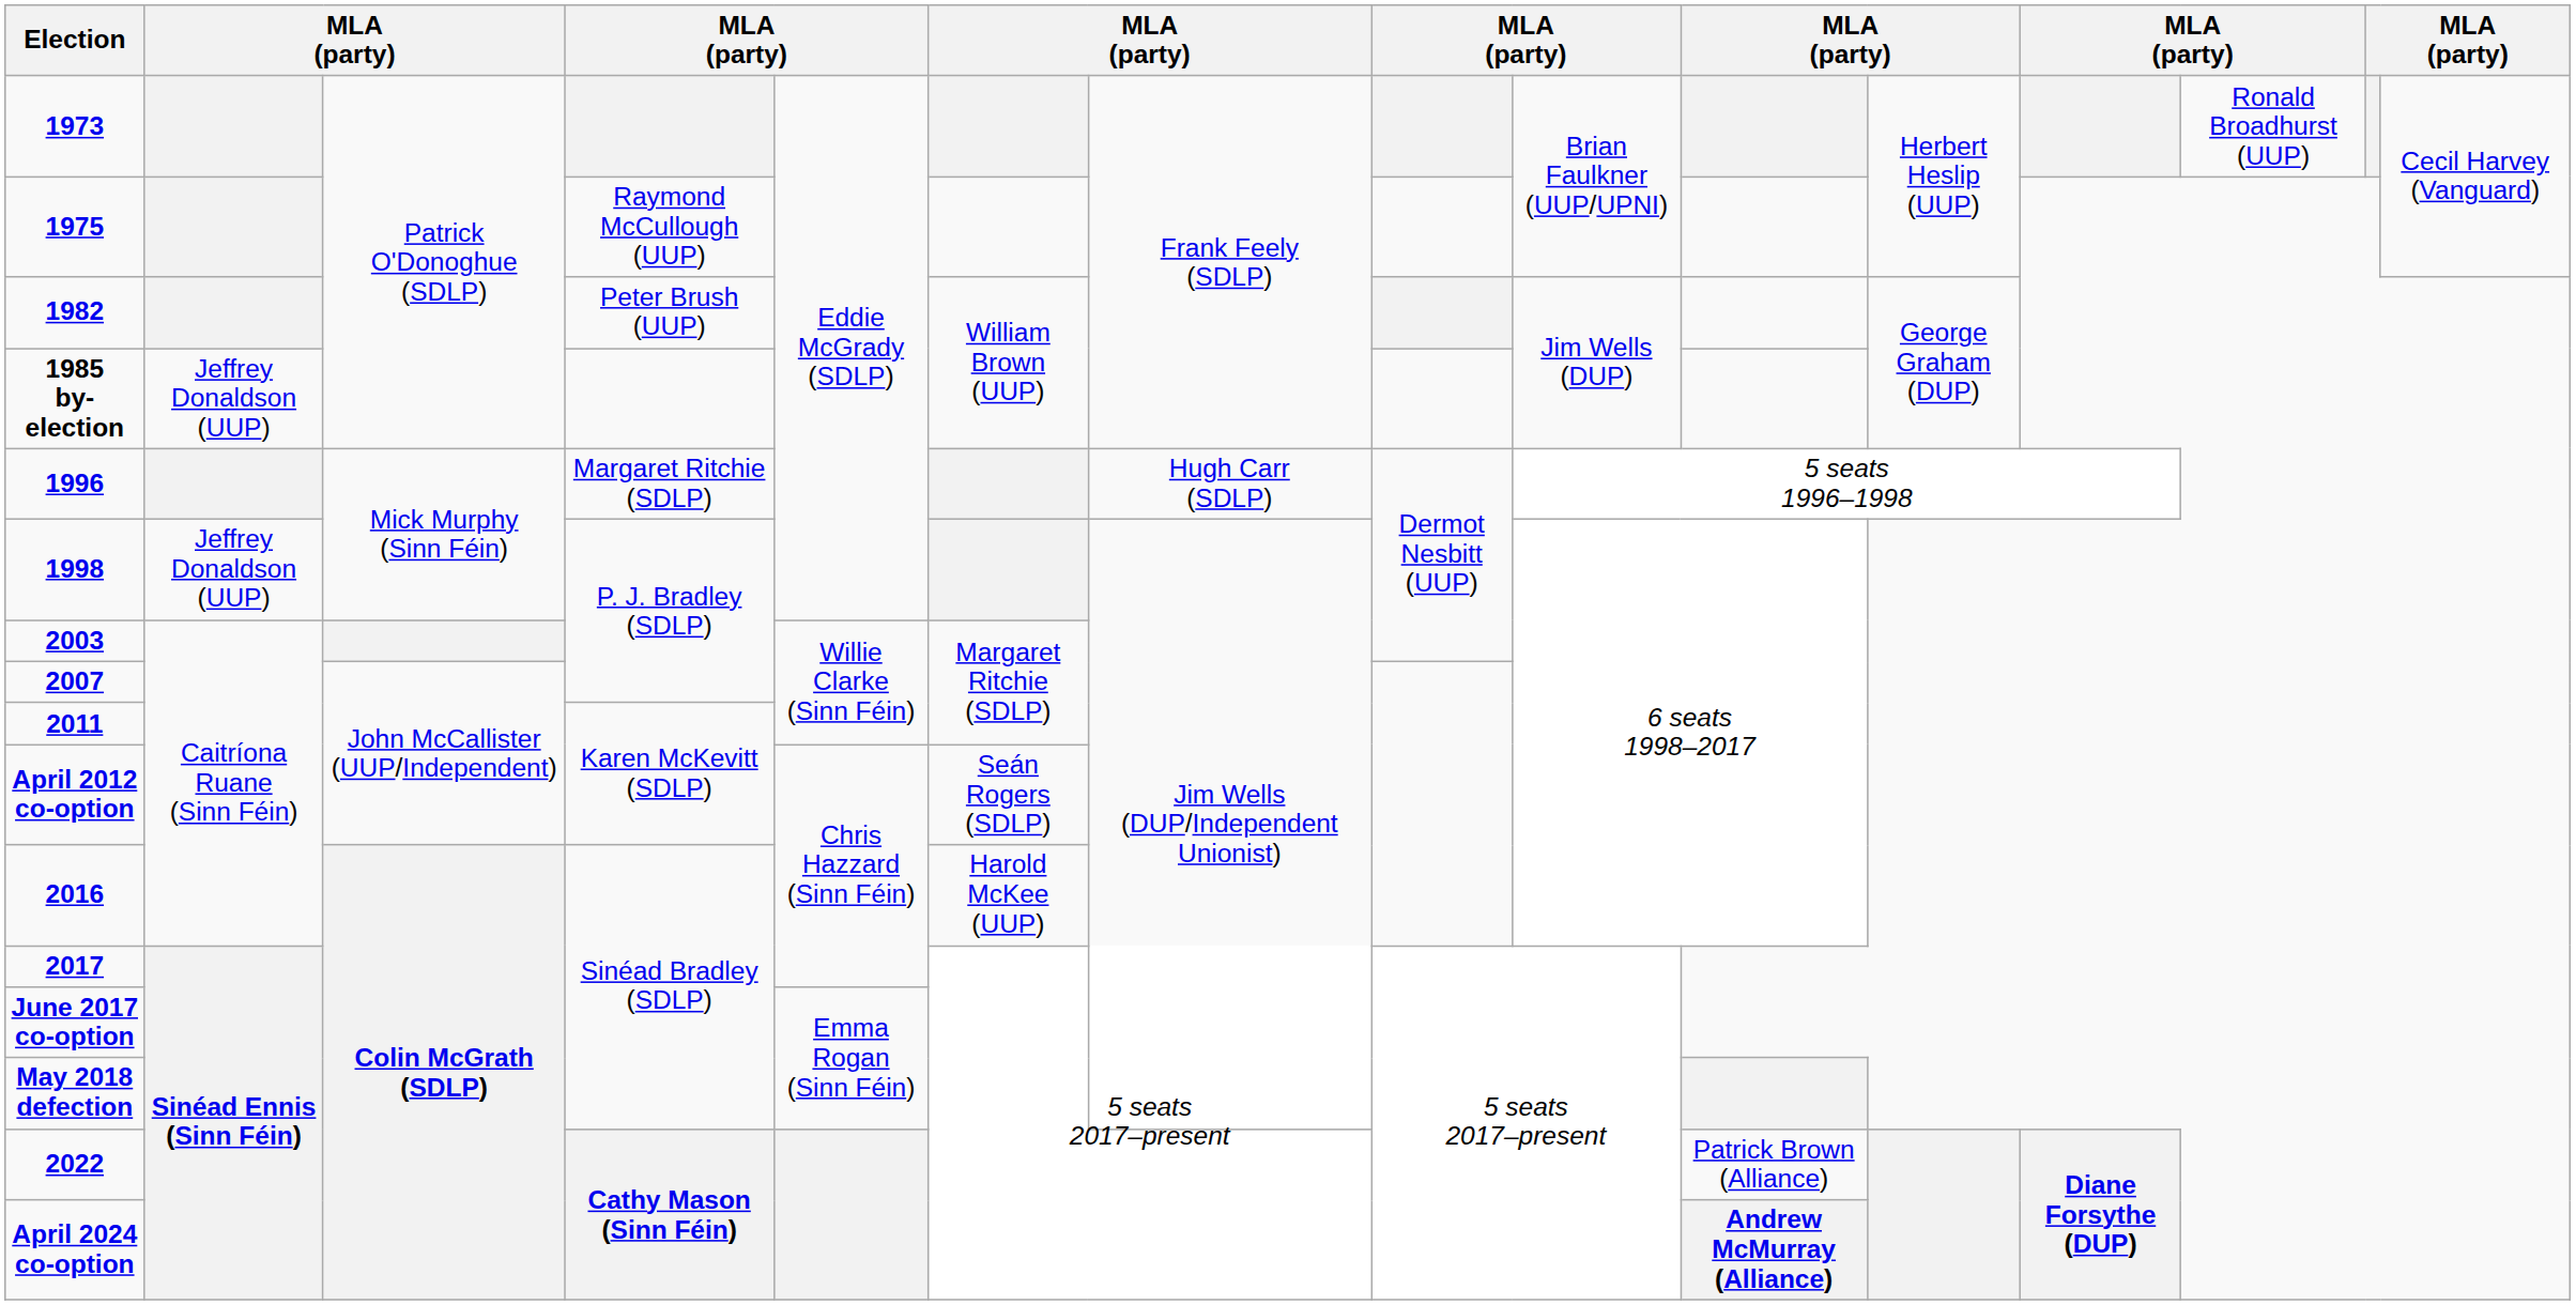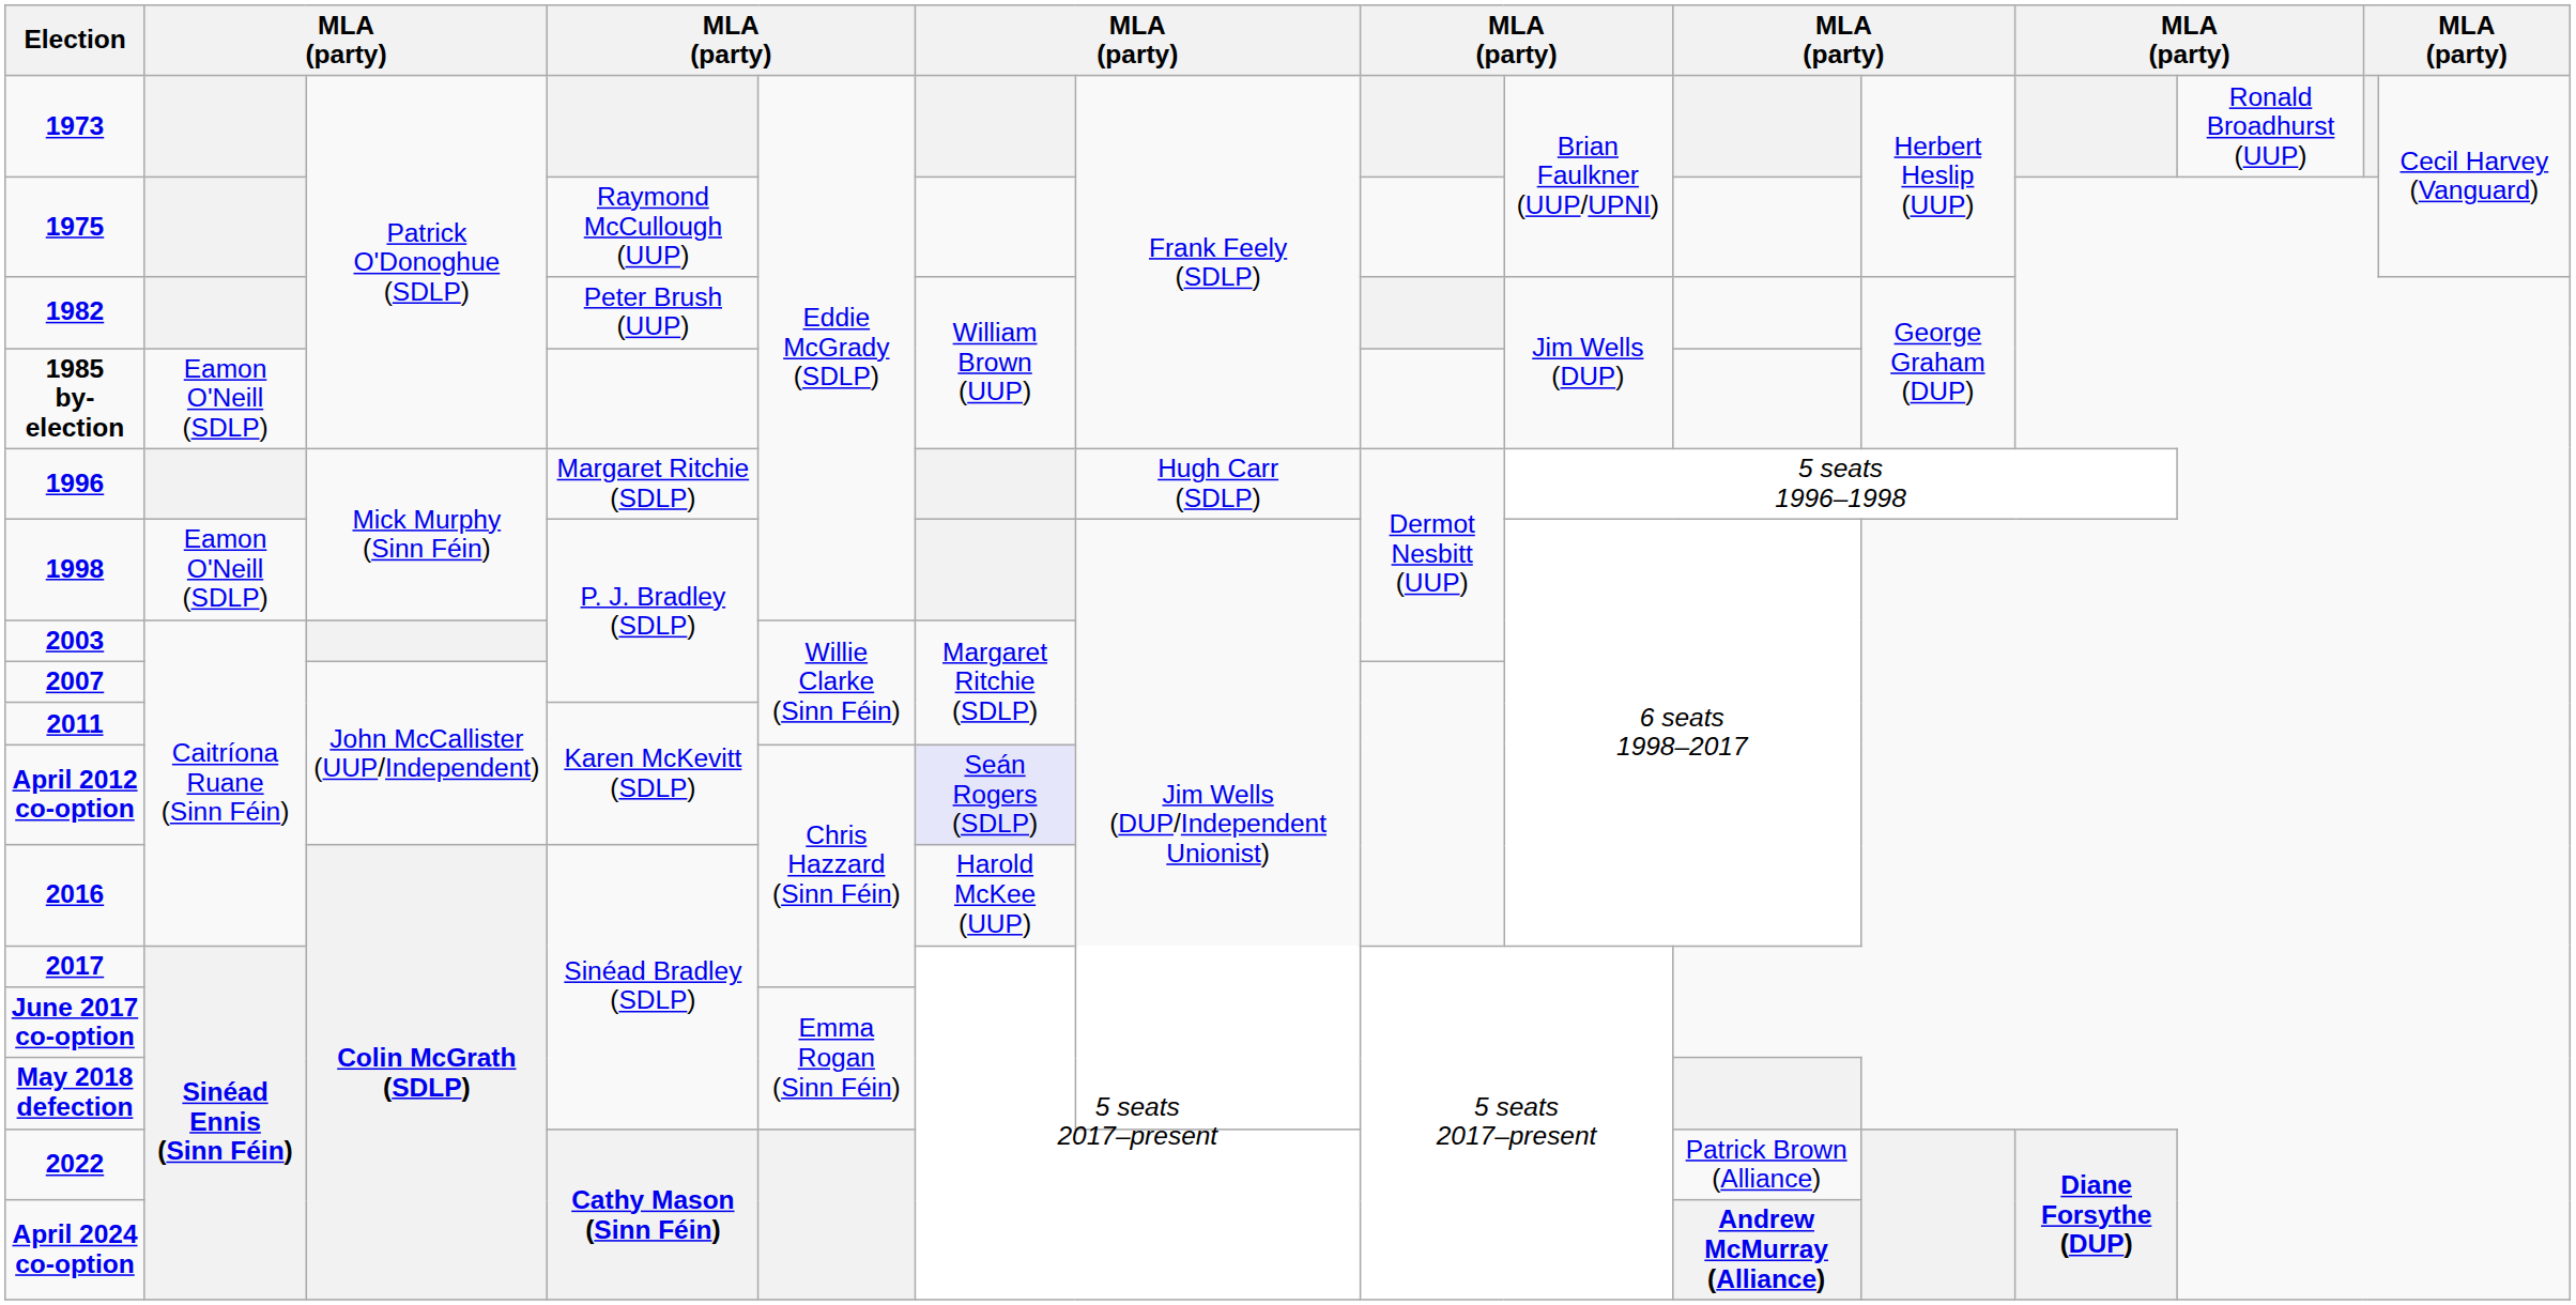 <table class="wikitable" style="text-align:center">
 <tr>
 <th>Election</th>
 <th scope="col" width="150" colspan = "2">MLA<br> (party)</th>
 <th scope="col" width="150" colspan = "2">MLA<br> (party)</th>
 <th scope="col" width="150" colspan = "2">MLA<br> (party)</th>
 <th scope="col" width="150" colspan = "2">MLA<br> (party)</th>
 <th scope="col" width="150" colspan = "2">MLA<br> (party)</th>
 <th scope="col" width="150" colspan = "2">MLA<br> (party)</th>
 <th scope="col" width="150" colspan = "2">MLA<br> (party)</th>
 </tr>
 <tr>
 <td><strong><a href='#'>1973</a></strong></td>
 <th style="background-color: "></th>
 <td rowspan=4><a href='#'>Patrick O'Donoghue</a><br>(<a href='#'>SDLP</a>)</td>
 <th style="background-color: "></th>
 <td rowspan=6><a href='#'>Eddie McGrady</a><br>(<a href='#'>SDLP</a>)</td>
 <th style="background-color: "></th>
 <td rowspan=4><a href='#'>Frank Feely</a><br>(<a href='#'>SDLP</a>)</td>
 <th style="background-color: "></th>
 <td rowspan=2><a href='#'>Brian Faulkner</a><br>(<a href='#'>UUP</a>/<a href='#'>UPNI</a>)</td>
 <th style="background-color: "></th>
 <td rowspan=2><a href='#'>Herbert Heslip</a><br>(<a href='#'>UUP</a>)</td>
 <th style="background-color: "></th>
 <td><a href='#'>Ronald Broadhurst</a><br>(<a href='#'>UUP</a>)</td>
 <th style="background-color: "></th>
 <td rowspan=2><a href='#'>Cecil Harvey</a><br>(<a href='#'>Vanguard</a>)</td>
 </tr>
 <tr>
 <td><strong><a href='#'>1975</a></strong></td>
 <th style="background-color: "></th>
 <td><a href='#'>Raymond McCullough</a><br>(<a href='#'>UUP</a>)</td>
 </tr>
 <tr>
 <td><strong><a href='#'>1982</a></strong></td>
 <th style="background-color: "></th>
 <td><a href='#'>Peter Brush</a><br>(<a href='#'>UUP</a>)</td>
 <td rowspan=2><a href='#'>William Brown</a><br>(<a href='#'>UUP</a>)</td>
 <th style="background-color: "></th>
 <td rowspan=2><a href='#'>Jim Wells</a><br>(<a href='#'>DUP</a>)</td>
 <td style="background-color: "></td>
 <td rowspan=2><a href='#'>George Graham</a><br>(<a href='#'>DUP</a>)</td>
 </tr>
 <tr>
 <td><strong>1985<br>by-election</strong></td>
-<td><a href='#'>Jeffrey Donaldson</a><br>(<a href='#'>UUP</a>)</td>
+<td><a href='#'>Eamon O'Neill</a><br>(<a href='#'>SDLP</a>)</td>
 </tr>
 <tr>
 <td><strong><a href='#'>1996</a></strong></td>
 <th style="background-color: "></th>
 <td rowspan=2><a href='#'>Mick Murphy</a><br>(<a href='#'>Sinn Féin</a>)</td>
 <td><a href='#'>Margaret Ritchie</a><br>(<a href='#'>SDLP</a>)</td>
 <th style="background-color: "></th>
 <td><a href='#'>Hugh Carr</a><br>(<a href='#'>SDLP</a>)</td>
 <td rowspan=3><a href='#'>Dermot Nesbitt</a><br>(<a href='#'>UUP</a>)</td>
 <td style="background-color:#FFFFFF" colspan=4><em>5 seats<br>1996–1998</em></td>
 </tr>
 <tr>
 <td><strong><a href='#'>1998</a></strong></td>
-<td><a href='#'>Jeffrey Donaldson</a><br>(<a href='#'>UUP</a>)</td>
+<td><a href='#'>Eamon O'Neill</a><br>(<a href='#'>SDLP</a>)</td>
 <td rowspan=3><a href='#'>P. J. Bradley</a><br>(<a href='#'>SDLP</a>)</td>
 <th style="background-color: "></th>
 <td rowspan=9><a href='#'>Jim Wells</a><br>(<a href='#'>DUP</a>/<a href='#'>Independent Unionist</a>)</td>
 <td style="background-color:#FFFFFF" rowspan=6 colspan=2><em>6 seats<br>1998–2017</em></td>
 </tr>
 <tr>
 <td><strong><a href='#'>2003</a></strong></td>
 <td rowspan=5><a href='#'>Caitríona Ruane</a><br>(<a href='#'>Sinn Féin</a>)</td>
 <th style="background-color: "></th>
 <td rowspan=3><a href='#'>Willie Clarke</a><br>(<a href='#'>Sinn Féin</a>)</td>
 <td rowspan=3><a href='#'>Margaret Ritchie</a><br>(<a href='#'>SDLP</a>)</td>
 </tr>
 <tr>
 <td><strong><a href='#'>2007</a></strong></td>
 <td rowspan="3"><a href='#'>John McCallister</a><br>(<a href='#'>UUP</a>/<a href='#'>Independent</a>)</td>
 </tr>
 <tr>
 <td><strong><a href='#'>2011</a></strong></td>
 <td rowspan=2><a href='#'>Karen McKevitt</a><br>(<a href='#'>SDLP</a>)</td>
 </tr>
 <tr>
 <td><strong><a href='#'>April 2012<br>co-option</a></strong></td>
 <td rowspan=3><a href='#'>Chris Hazzard</a><br>(<a href='#'>Sinn Féin</a>)</td>
-<td><a href='#'>Seán Rogers</a><br>(<a href='#'>SDLP</a>)</td>
+<td style="background: lavender;"><a href='#'>Seán Rogers</a><br>(<a href='#'>SDLP</a>)</td>
 </tr>
 <tr>
 <td><strong><a href='#'>2016</a></strong></td>
 <th rowspan=6><a href='#'>Colin McGrath</a><br>(<a href='#'>SDLP</a>)</th>
 <td rowspan=4><a href='#'>Sinéad Bradley</a><br>(<a href='#'>SDLP</a>)</td>
 <td><a href='#'>Harold McKee</a><br>(<a href='#'>UUP</a>)</td>
 </tr>
 <tr>
 <td><strong><a href='#'>2017</a></strong></td>
 <th rowspan=5><a href='#'>Sinéad Ennis</a><br>(<a href='#'>Sinn Féin</a>)</th>
 <td style="background-color:#FFFFFF" colspan=2 rowspan=5><em>5 seats<br>2017–present</em></td>
 <td style="background-color:#FFFFFF" colspan=2 rowspan=5><em>5 seats<br>2017–present</em></td>
 </tr>
 <tr>
 <td><strong><a href='#'>June 2017<br>co-option</a></strong></td>
 <td rowspan=2><a href='#'>Emma Rogan</a><br>(<a href='#'>Sinn Féin</a>)</td>
 </tr>
 <tr>
 <td><strong><a href='#'>May 2018<br>defection</a></strong></td>
 <th style="background-color: "></th>
 </tr>
 <tr>
 <td><strong><a href='#'>2022</a></strong></td>
 <th rowspan=2><a href='#'>Cathy Mason</a><br>(<a href='#'>Sinn Féin</a>)</th>
 <th rowspan=2 style="background-color: "></th>
 <td><a href='#'>Patrick Brown</a><br>(<a href='#'>Alliance</a>)</td>
 <th rowspan=2 style="background-color: "></th>
 <th rowspan=2><a href='#'>Diane Forsythe</a><br>(<a href='#'>DUP</a>)</th>
 </tr>
 <tr>
 <td><strong><a href='#'>April 2024<br>co-option</a></strong></td>
 <th><a href='#'>Andrew McMurray</a><br>(<a href='#'>Alliance</a>)</th>
 </tr>
 </table>
